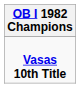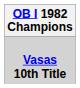 <table class="wikitable" style="text-align: center; margin: 0 auto;">
 <tr>
 <th><a href='#'>OB I</a> 1982<br>Champions</th>
 </tr>
 <tr>
 </tr>
 <tr>
-<td> <br><strong><a href='#'>Vasas</a></strong><br><strong>10th Title</strong></td>
+<td style="background: lightgrey;"> <br><strong><a href='#'>Vasas</a></strong><br><strong>10th Title</strong></td>
 </tr>
 </table>
